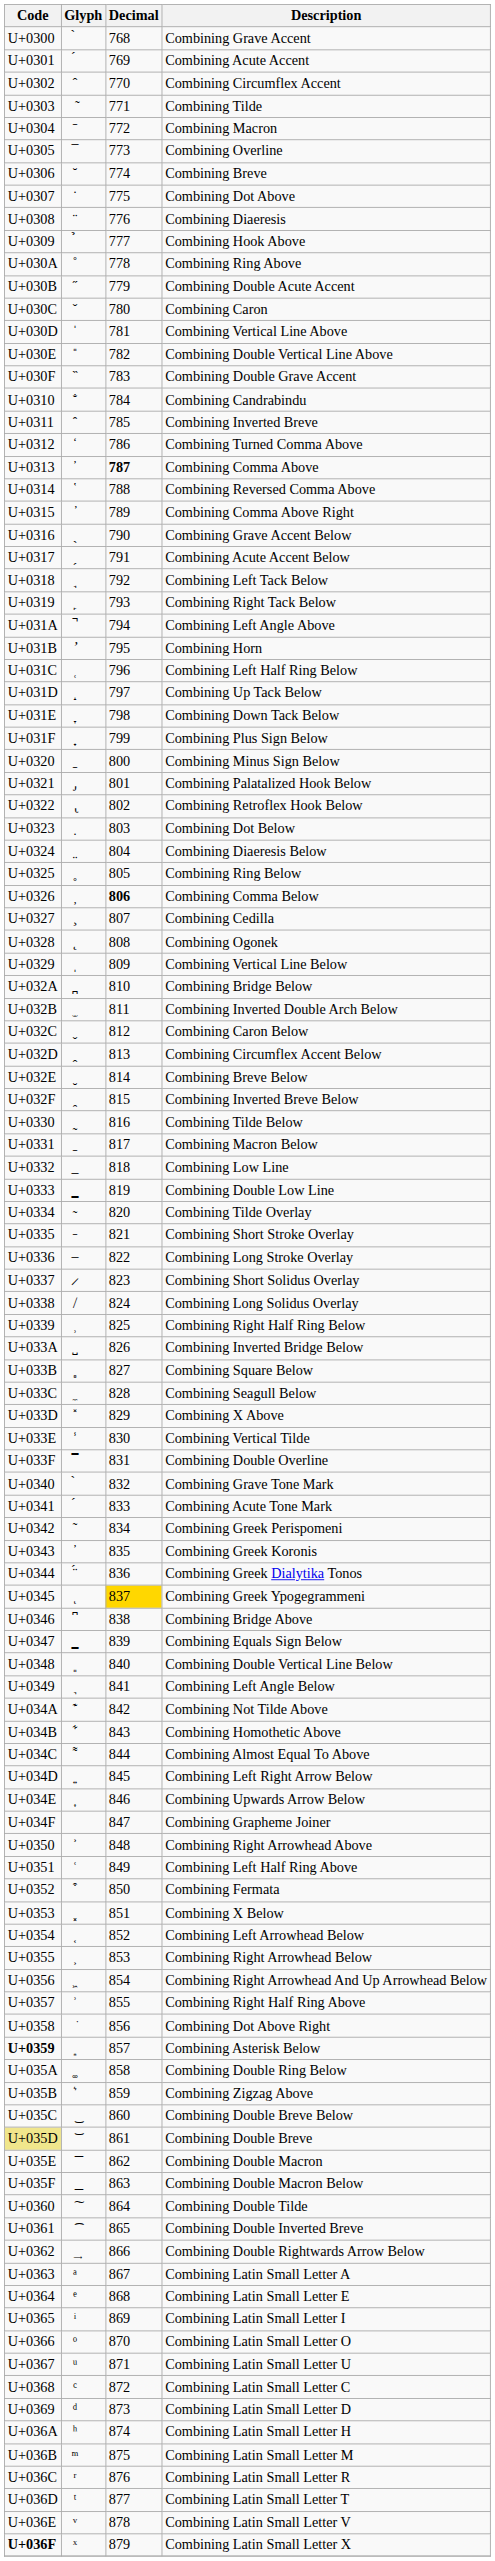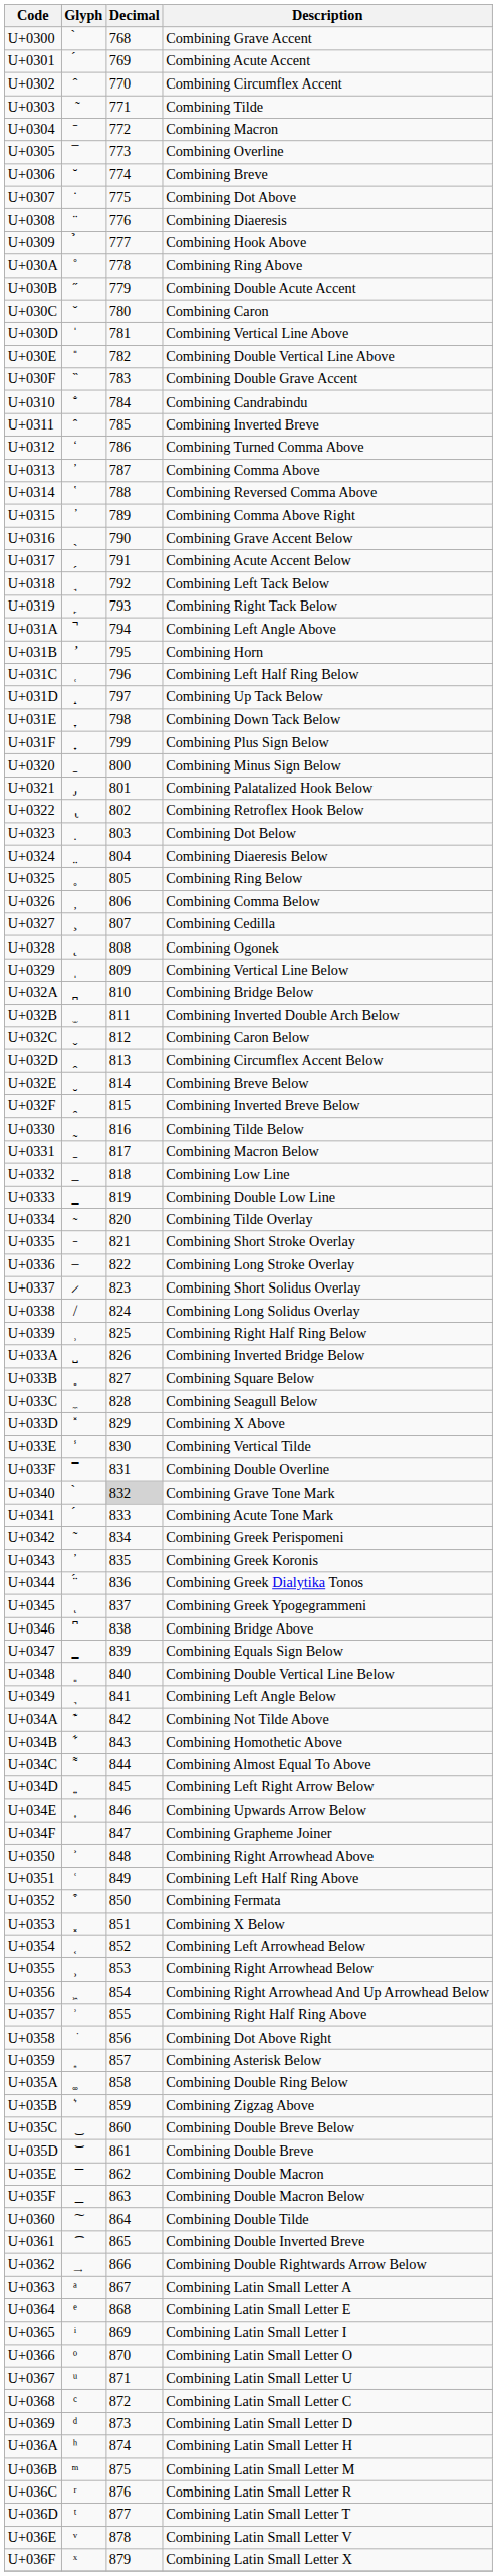 <table class="wikitable sortable collapsible">
 <tr>
 <th>Code</th>
 <th>Glyph</th>
 <th>Decimal</th>
 <th>Description</th>
 </tr>
 <tr>
 <td>U+0300</td>
 <td>   ̀</td>
 <td>768</td>
 <td>Combining Grave Accent</td>
 </tr>
 <tr>
 <td>U+0301</td>
 <td>   ́</td>
 <td>769</td>
 <td>Combining Acute Accent</td>
 </tr>
 <tr>
 <td>U+0302</td>
 <td>   ̂</td>
 <td>770</td>
 <td>Combining Circumflex Accent</td>
 </tr>
 <tr>
 <td>U+0303</td>
 <td>   ̃</td>
 <td>771</td>
 <td>Combining Tilde</td>
 </tr>
 <tr>
 <td>U+0304</td>
 <td>   ̄</td>
 <td>772</td>
 <td>Combining Macron</td>
 </tr>
 <tr>
 <td>U+0305</td>
 <td>   ̅</td>
 <td>773</td>
 <td>Combining Overline</td>
 </tr>
 <tr>
 <td>U+0306</td>
 <td>   ̆</td>
 <td>774</td>
 <td>Combining Breve</td>
 </tr>
 <tr>
 <td>U+0307</td>
 <td>   ̇</td>
 <td>775</td>
 <td>Combining Dot Above</td>
 </tr>
 <tr>
 <td>U+0308</td>
 <td>   ̈</td>
 <td>776</td>
 <td>Combining Diaeresis</td>
 </tr>
 <tr>
 <td>U+0309</td>
 <td>   ̉</td>
 <td>777</td>
 <td>Combining Hook Above</td>
 </tr>
 <tr>
 <td>U+030A</td>
 <td>   ̊</td>
 <td>778</td>
 <td>Combining Ring Above</td>
 </tr>
 <tr>
 <td>U+030B</td>
 <td>   ̋</td>
 <td>779</td>
 <td>Combining Double Acute Accent</td>
 </tr>
 <tr>
 <td>U+030C</td>
 <td>   ̌</td>
 <td>780</td>
 <td>Combining Caron</td>
 </tr>
 <tr>
 <td>U+030D</td>
 <td>   ̍</td>
 <td>781</td>
 <td>Combining Vertical Line Above</td>
 </tr>
 <tr>
 <td>U+030E</td>
 <td>   ̎</td>
 <td>782</td>
 <td>Combining Double Vertical Line Above</td>
 </tr>
 <tr>
 <td>U+030F</td>
 <td>   ̏</td>
 <td>783</td>
 <td>Combining Double Grave Accent</td>
 </tr>
 <tr>
 <td>U+0310</td>
 <td>   ̐</td>
 <td>784</td>
 <td>Combining Candrabindu</td>
 </tr>
 <tr>
 <td>U+0311</td>
 <td>   ̑</td>
 <td>785</td>
 <td>Combining Inverted Breve</td>
 </tr>
 <tr>
 <td>U+0312</td>
 <td>   ̒</td>
 <td>786</td>
 <td>Combining Turned Comma Above</td>
 </tr>
 <tr>
 <td>U+0313</td>
 <td>   ̓</td>
-<td><strong>787</strong></td>
+<td>787</td>
 <td>Combining Comma Above</td>
 </tr>
 <tr>
 <td>U+0314</td>
 <td>   ̔</td>
 <td>788</td>
 <td>Combining Reversed Comma Above</td>
 </tr>
 <tr>
 <td>U+0315</td>
 <td>   ̕</td>
 <td>789</td>
 <td>Combining Comma Above Right</td>
 </tr>
 <tr>
 <td>U+0316</td>
 <td>   ̖</td>
 <td>790</td>
 <td>Combining Grave Accent Below</td>
 </tr>
 <tr>
 <td>U+0317</td>
 <td>   ̗</td>
 <td>791</td>
 <td>Combining Acute Accent Below</td>
 </tr>
 <tr>
 <td>U+0318</td>
 <td>   ̘</td>
 <td>792</td>
 <td>Combining Left Tack Below</td>
 </tr>
 <tr>
 <td>U+0319</td>
 <td>   ̙</td>
 <td>793</td>
 <td>Combining Right Tack Below</td>
 </tr>
 <tr>
 <td>U+031A</td>
 <td>   ̚</td>
 <td>794</td>
 <td>Combining Left Angle Above</td>
 </tr>
 <tr>
 <td>U+031B</td>
 <td>   ̛</td>
 <td>795</td>
 <td>Combining Horn</td>
 </tr>
 <tr>
 <td>U+031C</td>
 <td>   ̜</td>
 <td>796</td>
 <td>Combining Left Half Ring Below</td>
 </tr>
 <tr>
 <td>U+031D</td>
 <td>   ̝</td>
 <td>797</td>
 <td>Combining Up Tack Below</td>
 </tr>
 <tr>
 <td>U+031E</td>
 <td>   ̞</td>
 <td>798</td>
 <td>Combining Down Tack Below</td>
 </tr>
 <tr>
 <td>U+031F</td>
 <td>   ̟</td>
 <td>799</td>
 <td>Combining Plus Sign Below</td>
 </tr>
 <tr>
 <td>U+0320</td>
 <td>   ̠</td>
 <td>800</td>
 <td>Combining Minus Sign Below</td>
 </tr>
 <tr>
 <td>U+0321</td>
 <td>   ̡</td>
 <td>801</td>
 <td>Combining Palatalized Hook Below</td>
 </tr>
 <tr>
 <td>U+0322</td>
 <td>   ̢</td>
 <td>802</td>
 <td>Combining Retroflex Hook Below</td>
 </tr>
 <tr>
 <td>U+0323</td>
 <td>   ̣</td>
 <td>803</td>
 <td>Combining Dot Below</td>
 </tr>
 <tr>
 <td>U+0324</td>
 <td>   ̤</td>
 <td>804</td>
 <td>Combining Diaeresis Below</td>
 </tr>
 <tr>
 <td>U+0325</td>
 <td>   ̥</td>
 <td>805</td>
 <td>Combining Ring Below</td>
 </tr>
 <tr>
 <td>U+0326</td>
 <td>   ̦</td>
-<td><strong>806</strong></td>
+<td>806</td>
 <td>Combining Comma Below</td>
 </tr>
 <tr>
 <td>U+0327</td>
 <td>   ̧</td>
 <td>807</td>
 <td>Combining Cedilla</td>
 </tr>
 <tr>
 <td>U+0328</td>
 <td>   ̨</td>
 <td>808</td>
 <td>Combining Ogonek</td>
 </tr>
 <tr>
 <td>U+0329</td>
 <td>   ̩</td>
 <td>809</td>
 <td>Combining Vertical Line Below</td>
 </tr>
 <tr>
 <td>U+032A</td>
 <td>   ̪</td>
 <td>810</td>
 <td>Combining Bridge Below</td>
 </tr>
 <tr>
 <td>U+032B</td>
 <td>   ̫</td>
 <td>811</td>
 <td>Combining Inverted Double Arch Below</td>
 </tr>
 <tr>
 <td>U+032C</td>
 <td>   ̬</td>
 <td>812</td>
 <td>Combining Caron Below</td>
 </tr>
 <tr>
 <td>U+032D</td>
 <td>   ̭</td>
 <td>813</td>
 <td>Combining Circumflex Accent Below</td>
 </tr>
 <tr>
 <td>U+032E</td>
 <td>   ̮</td>
 <td>814</td>
 <td>Combining Breve Below</td>
 </tr>
 <tr>
 <td>U+032F</td>
 <td>   ̯</td>
 <td>815</td>
 <td>Combining Inverted Breve Below</td>
 </tr>
 <tr>
 <td>U+0330</td>
 <td>   ̰</td>
 <td>816</td>
 <td>Combining Tilde Below</td>
 </tr>
 <tr>
 <td>U+0331</td>
 <td>   ̱</td>
 <td>817</td>
 <td>Combining Macron Below</td>
 </tr>
 <tr>
 <td>U+0332</td>
 <td>   ̲</td>
 <td>818</td>
 <td>Combining Low Line</td>
 </tr>
 <tr>
 <td>U+0333</td>
 <td>   ̳</td>
 <td>819</td>
 <td>Combining Double Low Line</td>
 </tr>
 <tr>
 <td>U+0334</td>
 <td>   ̴</td>
 <td>820</td>
 <td>Combining Tilde Overlay</td>
 </tr>
 <tr>
 <td>U+0335</td>
 <td>   ̵</td>
 <td>821</td>
 <td>Combining Short Stroke Overlay</td>
 </tr>
 <tr>
 <td>U+0336</td>
 <td>   ̶</td>
 <td>822</td>
 <td>Combining Long Stroke Overlay</td>
 </tr>
 <tr>
 <td>U+0337</td>
 <td>   ̷</td>
 <td>823</td>
 <td>Combining Short Solidus Overlay</td>
 </tr>
 <tr>
 <td>U+0338</td>
 <td>   ̸</td>
 <td>824</td>
 <td>Combining Long Solidus Overlay</td>
 </tr>
 <tr>
 <td>U+0339</td>
 <td>   ̹</td>
 <td>825</td>
 <td>Combining Right Half Ring Below</td>
 </tr>
 <tr>
 <td>U+033A</td>
 <td>   ̺</td>
 <td>826</td>
 <td>Combining Inverted Bridge Below</td>
 </tr>
 <tr>
 <td>U+033B</td>
 <td>   ̻</td>
 <td>827</td>
 <td>Combining Square Below</td>
 </tr>
 <tr>
 <td>U+033C</td>
 <td>   ̼</td>
 <td>828</td>
 <td>Combining Seagull Below</td>
 </tr>
 <tr>
 <td>U+033D</td>
 <td>   ̽</td>
 <td>829</td>
 <td>Combining X Above</td>
 </tr>
 <tr>
 <td>U+033E</td>
 <td>   ̾</td>
 <td>830</td>
 <td>Combining Vertical Tilde</td>
 </tr>
 <tr>
 <td>U+033F</td>
 <td>   ̿</td>
 <td>831</td>
 <td>Combining Double Overline</td>
 </tr>
 <tr>
 <td>U+0340</td>
 <td>   ̀</td>
-<td>832</td>
+<td style="background: lightgrey;">832</td>
 <td>Combining Grave Tone Mark</td>
 </tr>
 <tr>
 <td>U+0341</td>
 <td>   ́</td>
 <td>833</td>
 <td>Combining Acute Tone Mark</td>
 </tr>
 <tr>
 <td>U+0342</td>
 <td>   ͂</td>
 <td>834</td>
 <td>Combining Greek Perispomeni</td>
 </tr>
 <tr>
 <td>U+0343</td>
 <td>   ̓</td>
 <td>835</td>
 <td>Combining Greek Koronis</td>
 </tr>
 <tr>
 <td>U+0344</td>
 <td>   ̈́</td>
 <td>836</td>
 <td>Combining Greek <a href='#'>Dialytika</a> Tonos</td>
 </tr>
 <tr>
 <td>U+0345</td>
 <td>   ͅ</td>
-<td style="background: gold;">837</td>
+<td>837</td>
 <td>Combining Greek Ypogegrammeni</td>
 </tr>
 <tr>
 <td>U+0346</td>
 <td>   ͆</td>
 <td>838</td>
 <td>Combining Bridge Above</td>
 </tr>
 <tr>
 <td>U+0347</td>
 <td>   ͇</td>
 <td>839</td>
 <td>Combining Equals Sign Below</td>
 </tr>
 <tr>
 <td>U+0348</td>
 <td>   ͈</td>
 <td>840</td>
 <td>Combining Double Vertical Line Below</td>
 </tr>
 <tr>
 <td>U+0349</td>
 <td>   ͉</td>
 <td>841</td>
 <td>Combining Left Angle Below</td>
 </tr>
 <tr>
 <td>U+034A</td>
 <td>   ͊</td>
 <td>842</td>
 <td>Combining Not Tilde Above</td>
 </tr>
 <tr>
 <td>U+034B</td>
 <td>   ͋</td>
 <td>843</td>
 <td>Combining Homothetic Above</td>
 </tr>
 <tr>
 <td>U+034C</td>
 <td>   ͌</td>
 <td>844</td>
 <td>Combining Almost Equal To Above</td>
 </tr>
 <tr>
 <td>U+034D</td>
 <td>   ͍</td>
 <td>845</td>
 <td>Combining Left Right Arrow Below</td>
 </tr>
 <tr>
 <td>U+034E</td>
 <td>   ͎</td>
 <td>846</td>
 <td>Combining Upwards Arrow Below</td>
 </tr>
 <tr>
 <td>U+034F</td>
 <td>   ͏</td>
 <td>847</td>
 <td>Combining Grapheme Joiner</td>
 </tr>
 <tr>
 <td>U+0350</td>
 <td>   ͐</td>
 <td>848</td>
 <td>Combining Right Arrowhead Above</td>
 </tr>
 <tr>
 <td>U+0351</td>
 <td>   ͑</td>
 <td>849</td>
 <td>Combining Left Half Ring Above</td>
 </tr>
 <tr>
 <td>U+0352</td>
 <td>   ͒</td>
 <td>850</td>
 <td>Combining Fermata</td>
 </tr>
 <tr>
 <td>U+0353</td>
 <td>   ͓</td>
 <td>851</td>
 <td>Combining X Below</td>
 </tr>
 <tr>
 <td>U+0354</td>
 <td>   ͔</td>
 <td>852</td>
 <td>Combining Left Arrowhead Below</td>
 </tr>
 <tr>
 <td>U+0355</td>
 <td>   ͕</td>
 <td>853</td>
 <td>Combining Right Arrowhead Below</td>
 </tr>
 <tr>
 <td>U+0356</td>
 <td>   ͖</td>
 <td>854</td>
 <td>Combining Right Arrowhead And Up Arrowhead Below</td>
 </tr>
 <tr>
 <td>U+0357</td>
 <td>   ͗</td>
 <td>855</td>
 <td>Combining Right Half Ring Above</td>
 </tr>
 <tr>
 <td>U+0358</td>
 <td>   ͘</td>
 <td>856</td>
 <td>Combining Dot Above Right </td>
 </tr>
 <tr>
-<td><strong>U+0359</strong></td>
+<td>U+0359</td>
 <td>   ͙</td>
 <td>857</td>
 <td>Combining Asterisk Below</td>
 </tr>
 <tr>
 <td>U+035A</td>
 <td>   ͚</td>
 <td>858</td>
 <td>Combining Double Ring Below</td>
 </tr>
 <tr>
 <td>U+035B</td>
 <td>   ͛</td>
 <td>859</td>
 <td>Combining Zigzag Above</td>
 </tr>
 <tr>
 <td>U+035C</td>
 <td>   ͜</td>
 <td>860</td>
 <td>Combining Double Breve Below</td>
 </tr>
 <tr>
-<td style="background: khaki;">U+035D</td>
+<td>U+035D</td>
 <td>   ͝</td>
 <td>861</td>
 <td>Combining Double Breve</td>
 </tr>
 <tr>
 <td>U+035E</td>
 <td>   ͞</td>
 <td>862</td>
 <td>Combining Double Macron</td>
 </tr>
 <tr>
 <td>U+035F</td>
 <td>   ͟</td>
 <td>863</td>
 <td>Combining Double Macron Below</td>
 </tr>
 <tr>
 <td>U+0360</td>
 <td>   ͠</td>
 <td>864</td>
 <td>Combining Double Tilde</td>
 </tr>
 <tr>
 <td>U+0361</td>
 <td>   ͡</td>
 <td>865</td>
 <td>Combining Double Inverted Breve</td>
 </tr>
 <tr>
 <td>U+0362</td>
 <td>   ͢</td>
 <td>866</td>
 <td>Combining Double Rightwards Arrow Below</td>
 </tr>
 <tr>
 <td>U+0363</td>
 <td>   ͣ</td>
 <td>867</td>
 <td>Combining Latin Small Letter A</td>
 </tr>
 <tr>
 <td>U+0364</td>
 <td>   ͤ</td>
 <td>868</td>
 <td>Combining Latin Small Letter E</td>
 </tr>
 <tr>
 <td>U+0365</td>
 <td>   ͥ</td>
 <td>869</td>
 <td>Combining Latin Small Letter I</td>
 </tr>
 <tr>
 <td>U+0366</td>
 <td>   ͦ</td>
 <td>870</td>
 <td>Combining Latin Small Letter O</td>
 </tr>
 <tr>
 <td>U+0367</td>
 <td>   ͧ</td>
 <td>871</td>
 <td>Combining Latin Small Letter U</td>
 </tr>
 <tr>
 <td>U+0368</td>
 <td>   ͨ</td>
 <td>872</td>
 <td>Combining Latin Small Letter C</td>
 </tr>
 <tr>
 <td>U+0369</td>
 <td>   ͩ</td>
 <td>873</td>
 <td>Combining Latin Small Letter D</td>
 </tr>
 <tr>
 <td>U+036A</td>
 <td>   ͪ</td>
 <td>874</td>
 <td>Combining Latin Small Letter H</td>
 </tr>
 <tr>
 <td>U+036B</td>
 <td>   ͫ</td>
 <td>875</td>
 <td>Combining Latin Small Letter M</td>
 </tr>
 <tr>
 <td>U+036C</td>
 <td>   ͬ</td>
 <td>876</td>
 <td>Combining Latin Small Letter R</td>
 </tr>
 <tr>
 <td>U+036D</td>
 <td>   ͭ</td>
 <td>877</td>
 <td>Combining Latin Small Letter T</td>
 </tr>
 <tr>
 <td>U+036E</td>
 <td>   ͮ</td>
 <td>878</td>
 <td>Combining Latin Small Letter V</td>
 </tr>
 <tr>
-<td><strong>U+036F</strong></td>
+<td>U+036F</td>
 <td>   ͯ</td>
 <td>879</td>
 <td>Combining Latin Small Letter X</td>
 </tr>
 <tr>
 </tr>
 </table>
